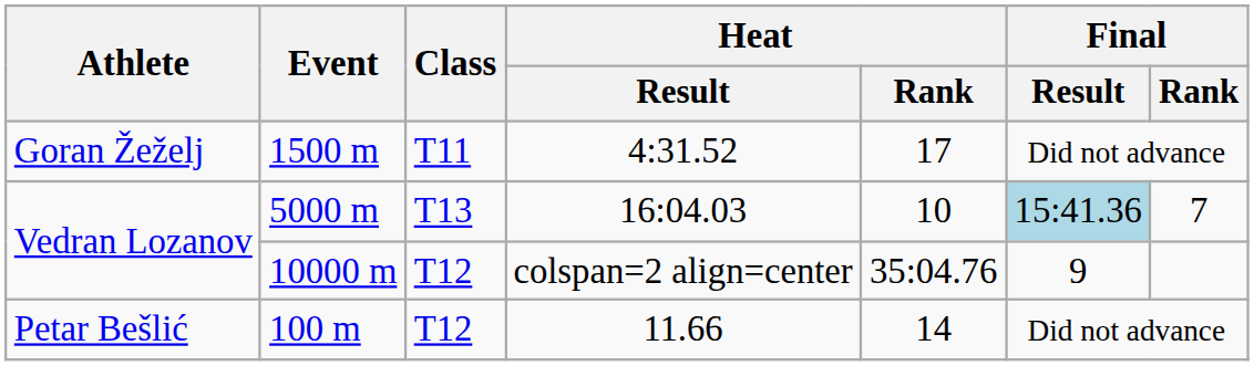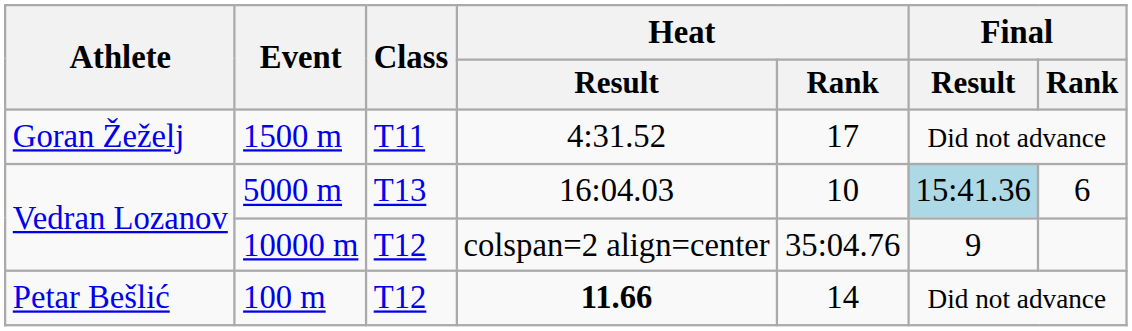 <table class="wikitable" style="font-size:90%">
 <tr>
 <th rowspan="2">Athlete</th>
 <th rowspan="2">Event</th>
 <th rowspan="2">Class</th>
 <th colspan="2">Heat</th>
 <th colspan="2">Final</th>
 </tr>
 <tr style="font-size:95%">
 <th>Result</th>
 <th>Rank</th>
 <th>Result</th>
 <th>Rank</th>
 </tr>
 <tr>
 <td><a href='#'>Goran Žeželj</a></td>
 <td><a href='#'>1500 m</a></td>
 <td><a href='#'>T11</a></td>
 <td align=center>4:31.52</td>
 <td align=center>17</td>
 <td colspan=2 align=center><small>Did not advance</small></td>
 </tr>
 <tr>
 <td rowspan="2"><a href='#'>Vedran Lozanov</a></td>
 <td><a href='#'>5000 m</a></td>
 <td><a href='#'>T13</a></td>
 <td align=center>16:04.03</td>
 <td align=center>10</td>
 <td align=center style="background: lightblue;">15:41.36</td>
-<td align=center>7</td>
+<td align=center>6</td>
 </tr>
 <tr>
 <td><a href='#'>10000 m</a></td>
 <td><a href='#'>T12</a></td>
 <td>colspan=2 align=center </td>
 <td align=center>35:04.76</td>
 <td align=center>9</td>
 </tr>
 <tr>
 <td><a href='#'>Petar Bešlić</a></td>
 <td><a href='#'>100 m</a></td>
 <td><a href='#'>T12</a></td>
-<td align=center>11.66</td>
+<td align=center><strong>11.66</strong></td>
 <td align=center>14</td>
 <td colspan=2 align=center><small>Did not advance</small></td>
 </tr>
 </table>
